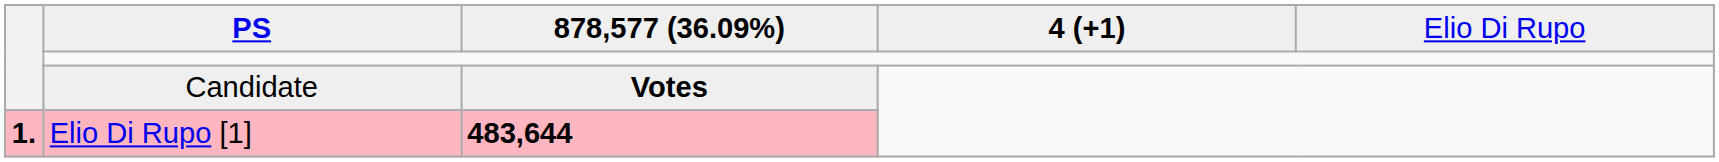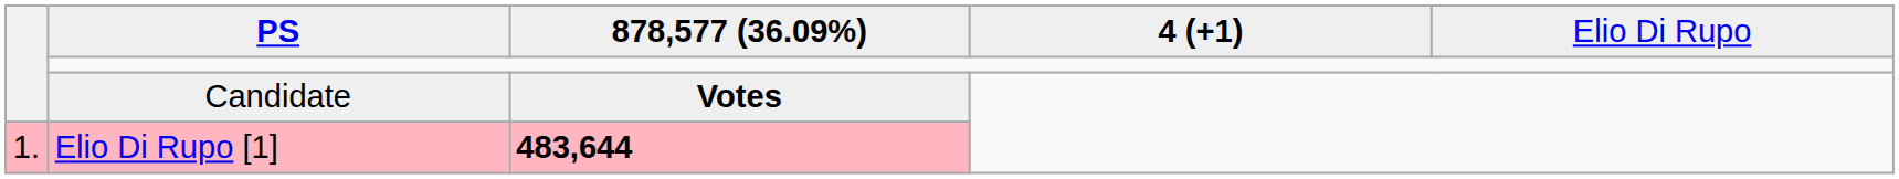 <table class="wikitable collapsible collapsed" style=text-align:left;font-size:90%>
 <tr>
 <th rowspan=3></th>
 <td bgcolor=efefef width=200 align=center><strong> <a href='#'>PS</a></strong></td>
 <td bgcolor=efefef width=200 align=center><strong> 878,577 (36.09%)	 </strong></td>
 <td bgcolor=efefef width=200 align=center><strong> 4 (+1)</strong></td>
 <td bgcolor=efefef width=200 align=center><a href='#'>Elio Di Rupo</a></td>
 </tr>
 <tr>
 <td colspan=4 bgcolor=></td>
 </tr>
 <tr>
 <td bgcolor=efefef align=center>Candidate</td>
 <td bgcolor=efefef align=center><strong>Votes</strong></td>
 </tr>
 <tr bgcolor=lightpink>
-<td><strong>1.</strong></td>
+<td>1.</td>
 <td><a href='#'>Elio Di Rupo</a> [1]</td>
 <td><strong>483,644</strong></td>
 </tr>
 </table>
